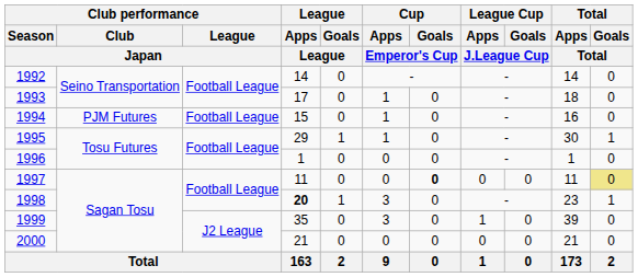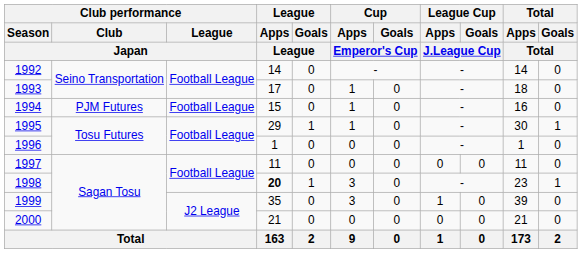 <table class="wikitable" style="text-align:center;">
 <tr>
 <th colspan=3>Club performance</th>
 <th colspan=2>League</th>
 <th colspan=2>Cup</th>
 <th colspan=2>League Cup</th>
 <th colspan=2>Total</th>
 </tr>
 <tr>
 <th>Season</th>
 <th>Club</th>
 <th>League</th>
 <th>Apps</th>
 <th>Goals</th>
 <th>Apps</th>
 <th>Goals</th>
 <th>Apps</th>
 <th>Goals</th>
 <th>Apps</th>
 <th>Goals</th>
 </tr>
 <tr>
 <th colspan=3>Japan</th>
 <th colspan=2>League</th>
 <th colspan=2><a href='#'>Emperor's Cup</a></th>
 <th colspan=2><a href='#'>J.League Cup</a></th>
 <th colspan=2>Total</th>
 </tr>
 <tr>
 <td><a href='#'>1992</a></td>
 <td rowspan="2"><a href='#'>Seino Transportation</a></td>
 <td rowspan="2"><a href='#'>Football League</a></td>
 <td>14</td>
 <td>0</td>
 <td colspan="2">-</td>
 <td colspan="2">-</td>
 <td>14</td>
 <td>0</td>
 </tr>
 <tr>
 <td><a href='#'>1993</a></td>
 <td>17</td>
 <td>0</td>
 <td>1</td>
 <td>0</td>
 <td colspan="2">-</td>
 <td>18</td>
 <td>0</td>
 </tr>
 <tr>
 <td><a href='#'>1994</a></td>
 <td><a href='#'>PJM Futures</a></td>
 <td><a href='#'>Football League</a></td>
 <td>15</td>
 <td>0</td>
 <td>1</td>
 <td>0</td>
 <td colspan="2">-</td>
 <td>16</td>
 <td>0</td>
 </tr>
 <tr>
 <td><a href='#'>1995</a></td>
 <td rowspan="2"><a href='#'>Tosu Futures</a></td>
 <td rowspan="2"><a href='#'>Football League</a></td>
 <td>29</td>
 <td>1</td>
 <td>1</td>
 <td>0</td>
 <td colspan="2">-</td>
 <td>30</td>
 <td>1</td>
 </tr>
 <tr>
 <td><a href='#'>1996</a></td>
 <td>1</td>
 <td>0</td>
 <td>0</td>
 <td>0</td>
 <td colspan="2">-</td>
 <td>1</td>
 <td>0</td>
 </tr>
 <tr>
 <td><a href='#'>1997</a></td>
 <td rowspan="4"><a href='#'>Sagan Tosu</a></td>
 <td rowspan="2"><a href='#'>Football League</a></td>
 <td>11</td>
 <td>0</td>
 <td>0</td>
-<td><strong>0</strong></td>
+<td>0</td>
 <td>0</td>
 <td>0</td>
 <td>11</td>
-<td style="background: khaki;">0</td>
+<td>0</td>
 </tr>
 <tr>
 <td><a href='#'>1998</a></td>
 <td><strong>20</strong></td>
 <td>1</td>
 <td>3</td>
 <td>0</td>
 <td colspan="2">-</td>
 <td>23</td>
 <td>1</td>
 </tr>
 <tr>
 <td><a href='#'>1999</a></td>
 <td rowspan="2"><a href='#'>J2 League</a></td>
 <td>35</td>
 <td>0</td>
 <td>3</td>
 <td>0</td>
 <td>1</td>
 <td>0</td>
 <td>39</td>
 <td>0</td>
 </tr>
 <tr>
 <td><a href='#'>2000</a></td>
 <td>21</td>
 <td>0</td>
 <td>0</td>
 <td>0</td>
 <td>0</td>
 <td>0</td>
 <td>21</td>
 <td>0</td>
 </tr>
 <tr>
 <th colspan=3>Total</th>
 <th>163</th>
 <th>2</th>
 <th>9</th>
 <th>0</th>
 <th>1</th>
 <th>0</th>
 <th>173</th>
 <th>2</th>
 </tr>
 </table>
